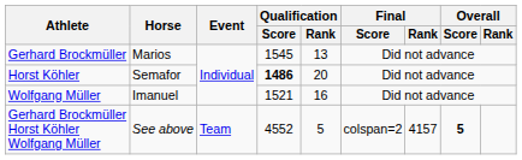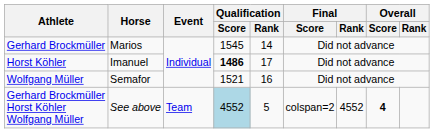 <table class=wikitable style="font-size:90%">
 <tr>
 <th rowspan="2">Athlete</th>
 <th rowspan="2">Horse</th>
 <th rowspan="2">Event</th>
 <th colspan="2">Qualification</th>
 <th colspan="2">Final</th>
 <th colspan="2">Overall</th>
 </tr>
 <tr style="font-size:95%">
 <th>Score</th>
 <th>Rank</th>
 <th>Score</th>
 <th>Rank</th>
 <th>Score</th>
 <th>Rank</th>
 </tr>
 <tr align=center>
 <td align=left><a href='#'>Gerhard Brockmüller</a></td>
 <td align=left>Marios</td>
 <td align=left rowspan=3><a href='#'>Individual</a></td>
 <td>1545</td>
-<td>13</td>
+<td>14</td>
 <td colspan=4>Did not advance</td>
 </tr>
 <tr align=center>
 <td align=left><a href='#'>Horst Köhler</a></td>
-<td align=left>Semafor</td>
+<td align=left>Imanuel</td>
 <td><strong>1486</strong></td>
-<td>20</td>
+<td>17</td>
 <td colspan=4>Did not advance</td>
 </tr>
 <tr align=center>
 <td align=left><a href='#'>Wolfgang Müller</a></td>
-<td align=left>Imanuel</td>
+<td align=left>Semafor</td>
 <td>1521</td>
 <td>16</td>
 <td colspan=4>Did not advance</td>
 </tr>
 <tr align=center>
 <td align=left><a href='#'>Gerhard Brockmüller</a><br><a href='#'>Horst Köhler</a><br><a href='#'>Wolfgang Müller</a></td>
 <td align=left><em>See above</em></td>
 <td align=left><a href='#'>Team</a></td>
-<td>4552</td>
+<td style="background: lightblue;">4552</td>
 <td>5</td>
 <td>colspan=2 </td>
-<td>4157</td>
-<td><strong>5</strong></td>
+<td>4552</td>
+<td><strong>4</strong></td>
 </tr>
 </table>
